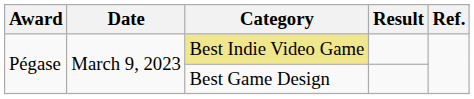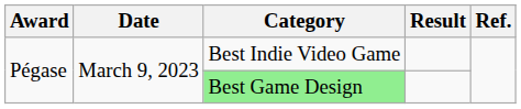 <table class="wikitable">
 <tr>
 <th>Award</th>
 <th>Date</th>
 <th>Category</th>
 <th>Result</th>
 <th>Ref.</th>
 </tr>
 <tr>
 <td scope="row" rowspan="2">Pégase</td>
 <td scope="row" rowspan="2">March 9, 2023</td>
-<td style="background: khaki;">Best Indie Video Game</td>
+<td>Best Indie Video Game</td>
 <td></td>
 <td scope="row" rowspan="2"></td>
 </tr>
 <tr>
-<td>Best Game Design</td>
+<td style="background: lightgreen;">Best Game Design</td>
 <td></td>
 </tr>
 </table>
